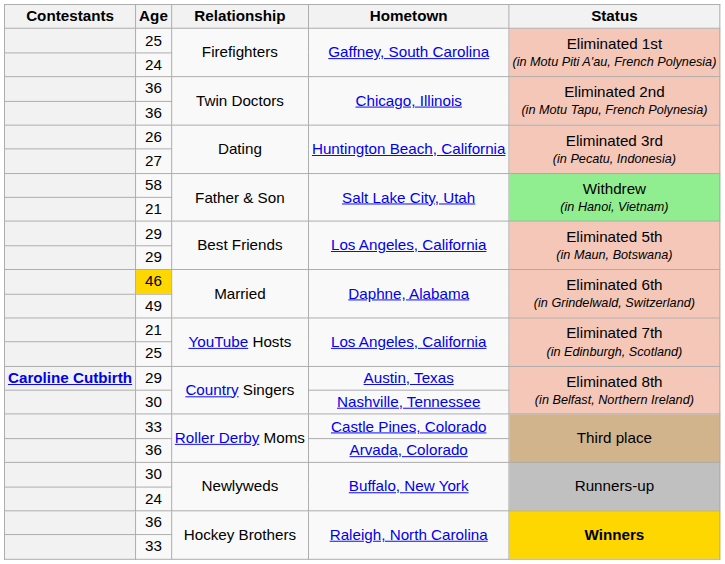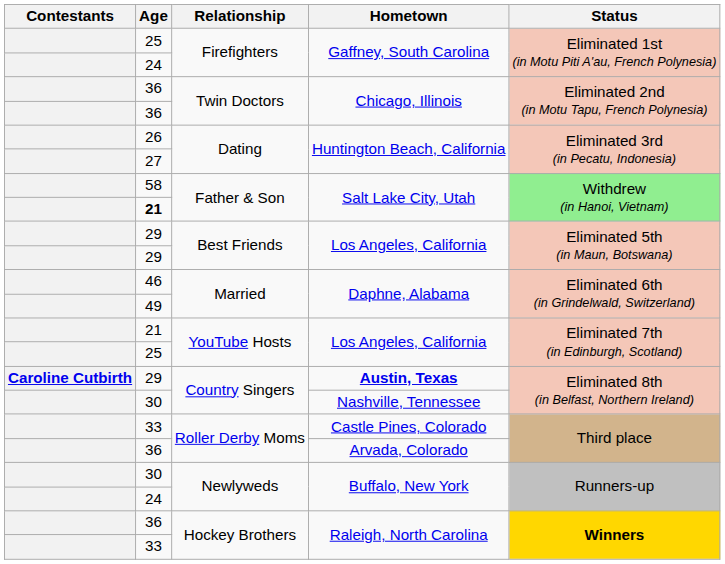 <table class="wikitable sortable" style="text-align:center;">
 <tr>
 <th scope="col">Contestants</th>
 <th scope="col">Age</th>
 <th scope="col" class="unsortable">Relationship</th>
 <th class="unsortable" scope="col">Hometown</th>
 <th scope="col">Status</th>
 </tr>
 <tr>
 <th scope="row"></th>
 <td>25</td>
 <td rowspan="2">Firefighters</td>
 <td rowspan="2"><a href='#'>Gaffney, South Carolina</a></td>
 <td rowspan="2" bgcolor="f4c7b8">Eliminated 1st<br><small><em>(in Motu Piti A'au, French Polynesia)</em></small></td>
 </tr>
 <tr>
 <th scope="row"></th>
 <td>24</td>
 </tr>
 <tr>
 <th scope="row"></th>
 <td>36</td>
 <td rowspan="2">Twin Doctors</td>
 <td rowspan="2"><a href='#'>Chicago, Illinois</a></td>
 <td rowspan="2" bgcolor="f4c7b8">Eliminated 2nd<br><small><em>(in Motu Tapu, French Polynesia)</em></small></td>
 </tr>
 <tr>
 <th scope="row"></th>
 <td>36</td>
 </tr>
 <tr>
 <th scope="row"></th>
 <td>26</td>
 <td rowspan="2">Dating</td>
 <td rowspan="2"><a href='#'>Huntington Beach, California</a></td>
 <td rowspan="2" bgcolor="f4c7b8">Eliminated 3rd<br><small><em>(in Pecatu, Indonesia)</em></small></td>
 </tr>
 <tr>
 <th scope="row"></th>
 <td>27</td>
 </tr>
 <tr>
 <th scope="row"></th>
 <td>58</td>
 <td rowspan="2">Father & Son</td>
 <td rowspan="2"><a href='#'>Salt Lake City, Utah</a></td>
 <td rowspan="2" bgcolor="lightgreen">Withdrew<br><small><em>(in Hanoi, Vietnam)</em></small></td>
 </tr>
 <tr>
 <th scope="row"></th>
-<td>21</td>
+<td><strong>21</strong></td>
 </tr>
 <tr>
 <th scope="row"></th>
 <td>29</td>
 <td rowspan="2">Best Friends</td>
 <td rowspan="2"><a href='#'>Los Angeles, California</a></td>
 <td rowspan="2" bgcolor="f4c7b8">Eliminated 5th<br><small><em>(in Maun, Botswana)</em></small></td>
 </tr>
 <tr>
 <th scope="row"></th>
 <td>29</td>
 </tr>
 <tr>
 <th scope="row"></th>
-<td style="background: gold;">46</td>
+<td>46</td>
 <td rowspan="2">Married</td>
 <td rowspan="2"><a href='#'>Daphne, Alabama</a></td>
 <td rowspan="2" bgcolor="f4c7b8">Eliminated 6th<br><small><em>(in Grindelwald, Switzerland)</em></small></td>
 </tr>
 <tr>
 <th scope="row"></th>
 <td>49</td>
 </tr>
 <tr>
 <th scope="row"></th>
 <td>21</td>
 <td rowspan="2"><a href='#'>YouTube</a> Hosts</td>
 <td rowspan="2"><a href='#'>Los Angeles, California</a></td>
 <td rowspan="2" bgcolor="f4c7b8">Eliminated 7th<br><small><em>(in Edinburgh, Scotland)</em></small></td>
 </tr>
 <tr>
 <th scope="row"></th>
 <td>25</td>
 </tr>
 <tr>
 <th scope="row"><a href='#'>Caroline Cutbirth</a></th>
 <td>29</td>
 <td rowspan="2"><a href='#'>Country</a> Singers</td>
-<td><a href='#'>Austin, Texas</a></td>
+<td><strong><a href='#'>Austin, Texas</a></strong></td>
 <td rowspan="2" bgcolor="f4c7b8">Eliminated 8th<br><small><em>(in Belfast, Northern Ireland)</em></small></td>
 </tr>
 <tr>
 <th scope="row"></th>
 <td>30</td>
 <td><a href='#'>Nashville, Tennessee</a></td>
 </tr>
 <tr>
 <th scope="row"></th>
 <td>33</td>
 <td rowspan="2"><a href='#'>Roller Derby</a> Moms</td>
 <td><a href='#'>Castle Pines, Colorado</a></td>
 <td rowspan="2" bgcolor="tan">Third place</td>
 </tr>
 <tr>
 <th scope="row"></th>
 <td>36</td>
 <td><a href='#'>Arvada, Colorado</a></td>
 </tr>
 <tr>
 <th scope="row"></th>
 <td>30</td>
 <td rowspan="2">Newlyweds</td>
 <td rowspan="2"><a href='#'>Buffalo, New York</a></td>
 <td rowspan="2" bgcolor="silver">Runners-up</td>
 </tr>
 <tr>
 <th scope="row"></th>
 <td>24</td>
 </tr>
 <tr>
 <th scope="row"></th>
 <td>36</td>
 <td rowspan="2">Hockey Brothers</td>
 <td rowspan="2"><a href='#'>Raleigh, North Carolina</a></td>
 <td rowspan="2" bgcolor="gold"><strong>Winners</strong></td>
 </tr>
 <tr>
 <th scope="row"></th>
 <td>33</td>
 </tr>
 </table>
